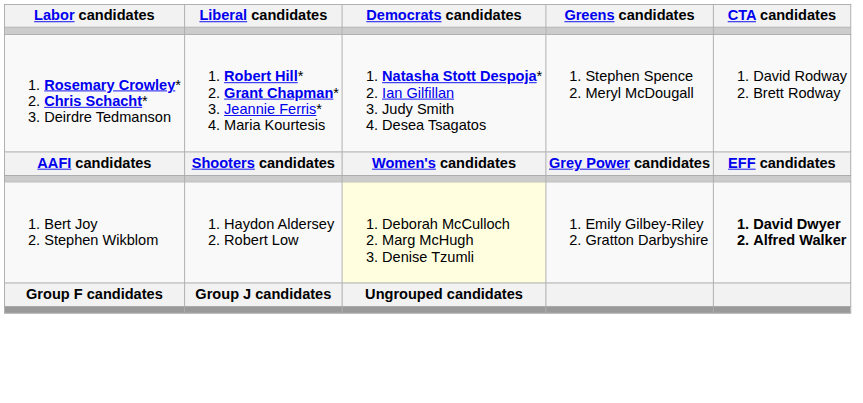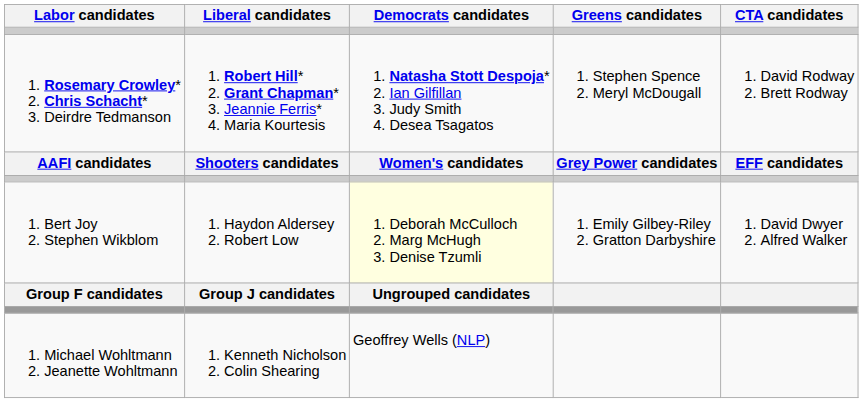 <table class="wikitable">
 <tr>
 <th><a href='#'>Labor</a> candidates</th>
 <th><a href='#'>Liberal</a> candidates</th>
 <th><a href='#'>Democrats</a> candidates</th>
 <th><a href='#'>Greens</a> candidates</th>
 <th><a href='#'>CTA</a> candidates</th>
 </tr>
 <tr bgcolor="#cccccc">
 <td></td>
 <td></td>
 <td></td>
 <td></td>
 <td></td>
 </tr>
 <tr>
 <td><br><ol><li><strong><a href='#'>Rosemary Crowley</a></strong>*</li><li><strong><a href='#'>Chris Schacht</a></strong>*</li><li>Deirdre Tedmanson</li></ol></td>
 <td><br><ol><li><strong><a href='#'>Robert Hill</a></strong>*</li><li><strong><a href='#'>Grant Chapman</a></strong>*</li><li><a href='#'>Jeannie Ferris</a>*</li><li>Maria Kourtesis</li></ol></td>
 <td><br><ol><li><strong><a href='#'>Natasha Stott Despoja</a></strong>*</li><li><a href='#'>Ian Gilfillan</a></li><li>Judy Smith</li><li>Desea Tsagatos</li></ol></td>
 <td valign=top><br><ol><li>Stephen Spence</li><li>Meryl McDougall</li></ol></td>
 <td valign=top><br><ol><li>David Rodway</li><li>Brett Rodway</li></ol></td>
 </tr>
 <tr bgcolor="#cccccc">
 <th><a href='#'>AAFI</a> candidates</th>
 <th><a href='#'>Shooters</a> candidates</th>
 <th><a href='#'>Women's</a> candidates</th>
 <th><a href='#'>Grey Power</a> candidates</th>
 <th><a href='#'>EFF</a> candidates</th>
 </tr>
 <tr bgcolor="#cccccc">
 <td></td>
 <td></td>
 <td></td>
 <td></td>
 <td></td>
 </tr>
 <tr>
 <td valign=top><br><ol><li>Bert Joy</li><li>Stephen Wikblom</li></ol></td>
 <td valign=top><br><ol><li>Haydon Aldersey</li><li>Robert Low</li></ol></td>
 <td valign=top style="background: lightyellow;"><br><ol><li>Deborah McCulloch</li><li>Marg McHugh</li><li>Denise Tzumli</li></ol></td>
 <td valign=top><br><ol><li>Emily Gilbey-Riley</li><li>Gratton Darbyshire</li></ol></td>
-<td valign=top><strong><br><ol><li>David Dwyer</li><li>Alfred Walker</li></ol></strong></td>
+<td valign=top><br><ol><li>David Dwyer</li><li>Alfred Walker</li></ol></td>
 </tr>
 <tr bgcolor="#cccccc">
 <th>Group F candidates</th>
 <th>Group J candidates</th>
 <th>Ungrouped candidates</th>
 <th></th>
 <th></th>
 </tr>
 <tr bgcolor="#cccccc">
 <td bgcolor="#999999"></td>
 <td bgcolor="#999999"></td>
 <td bgcolor="#999999"></td>
 <td bgcolor="#999999"></td>
 <td bgcolor="#999999"></td>
 </tr>
+<tr>
+<td valign=top><br><ol><li>Michael Wohltmann</li><li>Jeanette Wohltmann</li></ol></td>
+<td valign=top><br><ol><li>Kenneth Nicholson</li><li>Colin Shearing</li></ol></td>
+<td valign=top><br>Geoffrey Wells (<a href='#'>NLP</a>)</td>
+<td valign=top></td>
+<td valign=top></td>
+</tr>
 </table>
